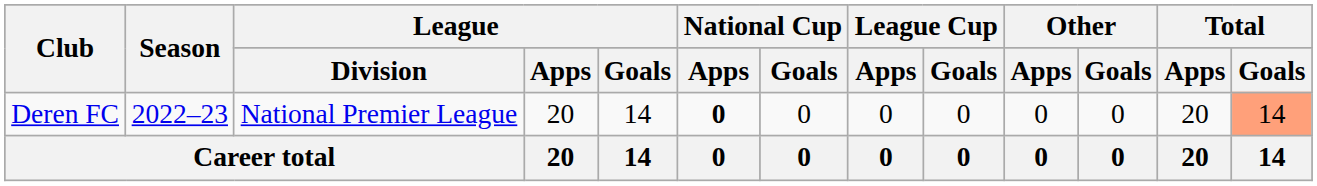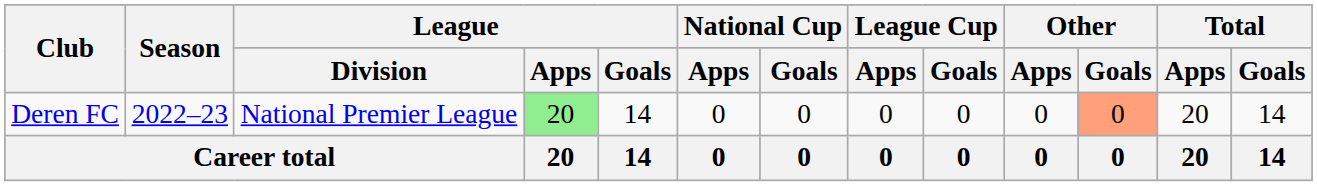 <table class="wikitable" style="text-align: center">
 <tr>
 <th rowspan="2">Club</th>
 <th rowspan="2">Season</th>
 <th colspan="3">League</th>
 <th colspan="2">National Cup</th>
 <th colspan="2">League Cup</th>
 <th colspan="2">Other</th>
 <th colspan="2">Total</th>
 </tr>
 <tr>
 <th>Division</th>
 <th>Apps</th>
 <th>Goals</th>
 <th>Apps</th>
 <th>Goals</th>
 <th>Apps</th>
 <th>Goals</th>
 <th>Apps</th>
 <th>Goals</th>
 <th>Apps</th>
 <th>Goals</th>
 </tr>
 <tr>
 <td><a href='#'>Deren FC</a></td>
 <td><a href='#'>2022–23</a></td>
 <td><a href='#'>National Premier League</a></td>
-<td>20</td>
+<td style="background: lightgreen;">20</td>
 <td>14</td>
-<td><strong>0</strong></td>
 <td>0</td>
 <td>0</td>
 <td>0</td>
 <td>0</td>
 <td>0</td>
+<td style="background: lightsalmon;">0</td>
 <td>20</td>
-<td style="background: lightsalmon;">14</td>
+<td>14</td>
 </tr>
 <tr>
 <th colspan=3>Career total</th>
 <th>20</th>
 <th>14</th>
 <th>0</th>
 <th>0</th>
 <th>0</th>
 <th>0</th>
 <th>0</th>
 <th>0</th>
 <th>20</th>
 <th>14</th>
 </tr>
 </table>
